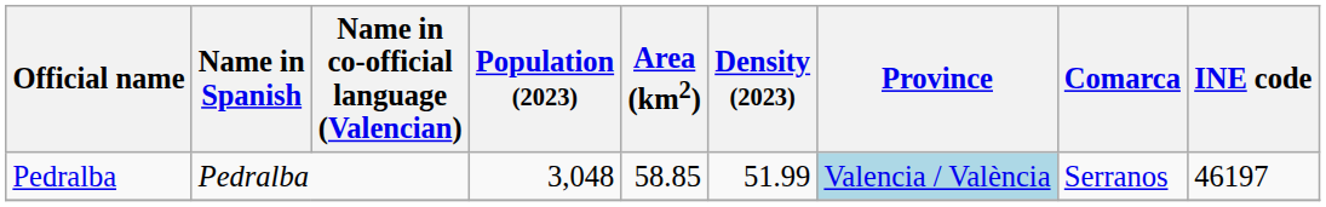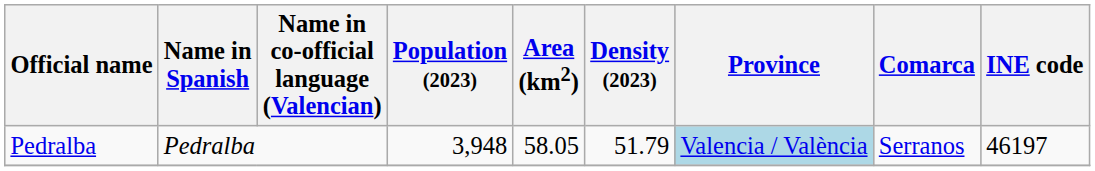 <table class="wikitable sortable">
 <tr>
 <th align="left">Official name</th>
 <th>Name in <br> <a href='#'>Spanish</a></th>
 <th>Name in <br> co-official <br> language <br> (<a href='#'>Valencian</a>)</th>
 <th><a href='#'>Population</a> <br> <small>(2023)</small></th>
 <th><a href='#'>Area</a> <br> (km<sup>2</sup>)</th>
 <th><a href='#'>Density</a> <br> <small>(2023)</small></th>
 <th><a href='#'>Province</a></th>
 <th><a href='#'>Comarca</a></th>
 <th><a href='#'>INE</a> code</th>
 </tr>
 <tr>
 <td><a href='#'>Pedralba</a></td>
 <td colspan="2"><em>Pedralba</em></td>
-<td align=right>3,048</td>
-<td align=right>58.85</td>
-<td align=right>51.99</td>
+<td align=right>3,948</td>
+<td align=right>58.05</td>
+<td align=right>51.79</td>
 <td style="background: lightblue;"><a href='#'>Valencia / València</a></td>
 <td><a href='#'>Serranos</a></td>
 <td>46197</td>
 </tr>
 <tr>
 </tr>
 </table>
